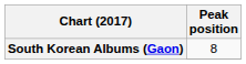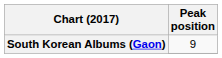 <table class="wikitable plainrowheaders" style="text-align:center">
 <tr>
 <th>Chart (2017)</th>
 <th>Peak<br>position</th>
 </tr>
 <tr>
 <th scope="row" rowspan=3>South Korean Albums (<a href='#'>Gaon</a>)</th>
-<td>8</td>
+<td>9</td>
 </tr>
 <tr>
 </tr>
 </table>
